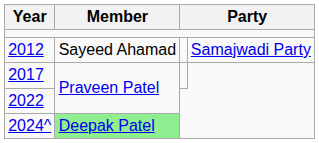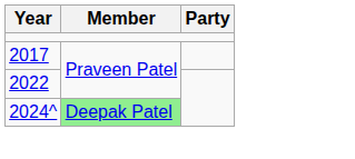 <table class="wikitable">
 <tr>
 <th>Year</th>
 <th>Member</th>
 <th colspan="2">Party</th>
 </tr>
 <tr>
 <td colspan="4"></td>
-</tr>
-<tr>
-<td><a href='#'>2012</a></td>
-<td>Sayeed Ahamad</td>
-<td style="background-color: "></td>
-<td><a href='#'>Samajwadi Party</a></td>
 </tr>
 <tr>
 <td><a href='#'>2017</a></td>
 <td rowspan="2"><a href='#'>Praveen Patel</a></td>
 <td></td>
 </tr>
 <tr>
 <td><a href='#'>2022</a></td>
 </tr>
 <tr>
 <td><a href='#'>2024^</a></td>
 <td style="background: lightgreen;"><a href='#'>Deepak Patel</a></td>
 </tr>
 </table>
